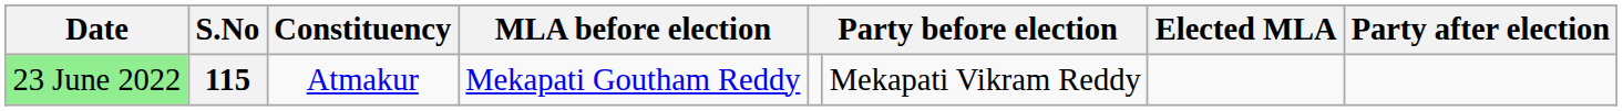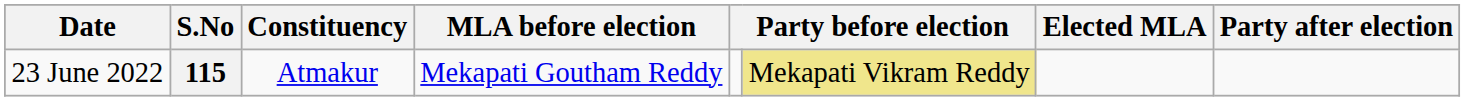 <table class="wikitable sortable" style="text-align:center;">
 <tr>
 <th>Date</th>
 <th>S.No</th>
 <th>Constituency</th>
 <th>MLA before election</th>
 <th colspan="2">Party before election</th>
 <th>Elected MLA</th>
 <th colspan="2">Party after election</th>
 </tr>
 <tr>
-<td style="background: lightgreen;">23 June 2022</td>
+<td>23 June 2022</td>
 <th>115</th>
 <td><a href='#'>Atmakur</a></td>
 <td><a href='#'>Mekapati Goutham Reddy</a></td>
 <td></td>
-<td>Mekapati Vikram Reddy</td>
+<td style="background: khaki;">Mekapati Vikram Reddy</td>
 <td></td>
 </tr>
 </table>
